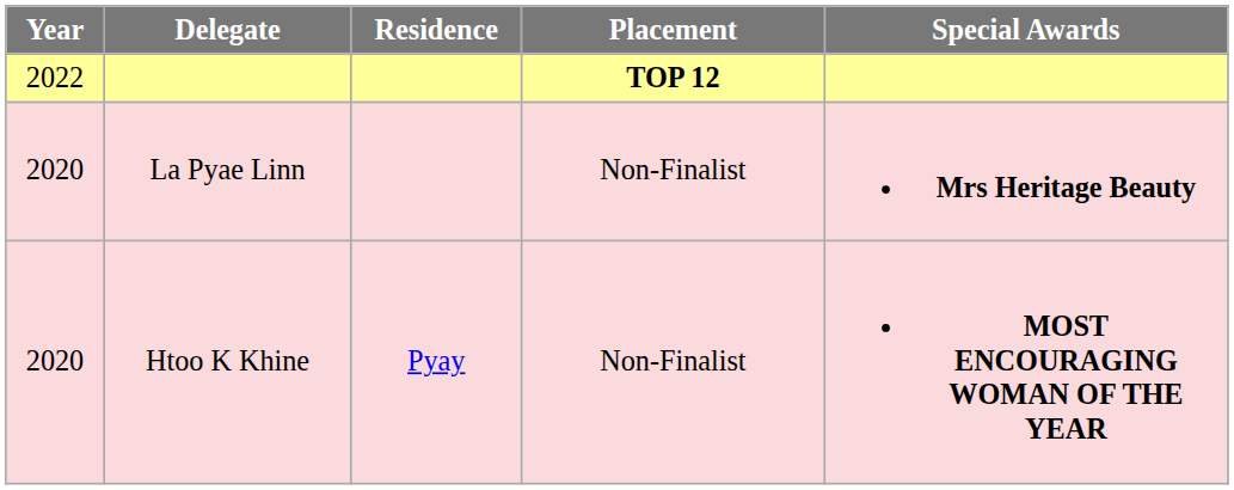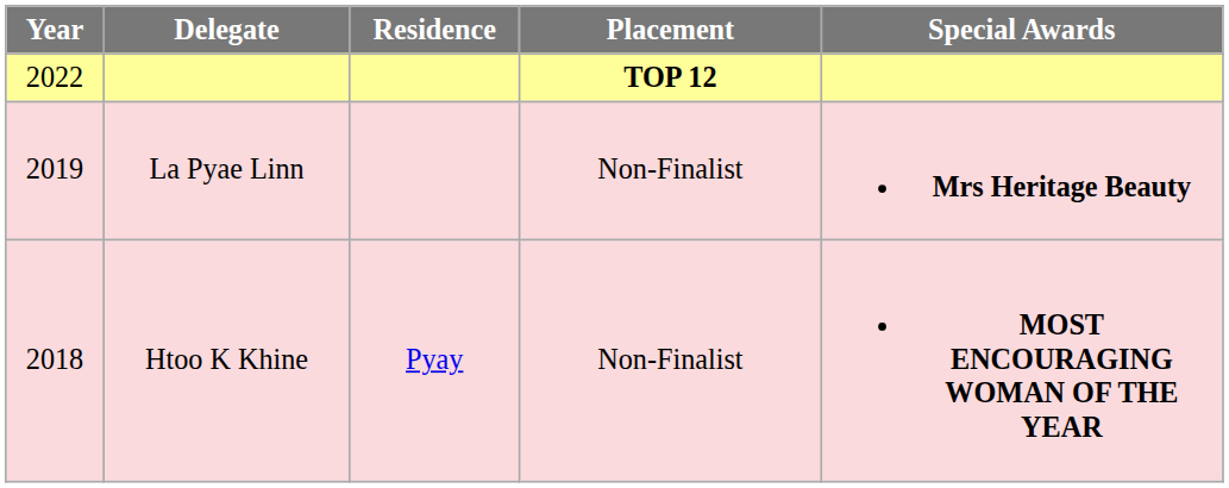 <table class="wikitable sortable" style="font-size: 90%; text-align:center">
 <tr>
 <th width="60" style="background-color:#787878;color:#FFFFFF;">Year</th>
 <th width="200" style="background-color:#787878;color:#FFFFFF;">Delegate</th>
 <th width="100" style="background-color:#787878;color:#FFFFFF;">Residence</th>
 <th width="250" style="background-color:#787878;color:#FFFFFF;">Placement</th>
 <th width="250" style="background-color:#787878;color:#FFFFFF;">Special Awards</th>
 </tr>
 <tr style="background-color:#FFFF99;">
 <td><strong></strong> 2022</td>
 <td></td>
 <td></td>
 <td><strong>TOP 12</strong></td>
 <td></td>
 </tr>
 <tr style="background-color:#FADADD;: bold">
-<td><strong></strong> 2020</td>
+<td><strong></strong> 2019</td>
 <td>La Pyae Linn</td>
 <td></td>
 <td>Non-Finalist</td>
 <td><br><ul><li><strong>Mrs Heritage Beauty</strong></li></ul></td>
 </tr>
 <tr style="background-color:#FADADD;: bold">
-<td><strong></strong> 2020</td>
+<td><strong></strong> 2018</td>
 <td>Htoo K Khine</td>
 <td><a href='#'>Pyay</a></td>
 <td>Non-Finalist</td>
 <td><br><ul><li><strong>MOST ENCOURAGING WOMAN OF THE YEAR</strong></li></ul></td>
 </tr>
 </table>
